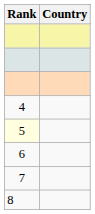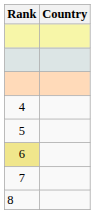 <table class="wikitable">
 <tr>
 <th>Rank</th>
 <th>Country</th>
 </tr>
 <tr bgcolor="#F7F6A8">
 <td align="center" style="height:23px"></td>
 <td></td>
 </tr>
 <tr bgcolor="#DCE5E5">
 <td align="center" style="height:23px"></td>
 <td></td>
 </tr>
 <tr bgcolor="#FFDAB9">
 <td align="center" style="height:23px"></td>
 <td></td>
 </tr>
 <tr>
 <td align="center" style="height:23px">4</td>
 <td></td>
 </tr>
 <tr>
-<td align="center" style="background: lightyellow; height:23px">5</td>
+<td align="center" style="height:23px">5</td>
 <td></td>
 </tr>
 <tr>
-<td align="center" style="height:23px">6</td>
+<td align="center" style="background: khaki; height:23px">6</td>
 <td></td>
 </tr>
 <tr>
 <td align="center" style="height:23px">7</td>
 <td></td>
 </tr>
 <tr>
 <td>8</td>
 <td></td>
 </tr>
 </table>
